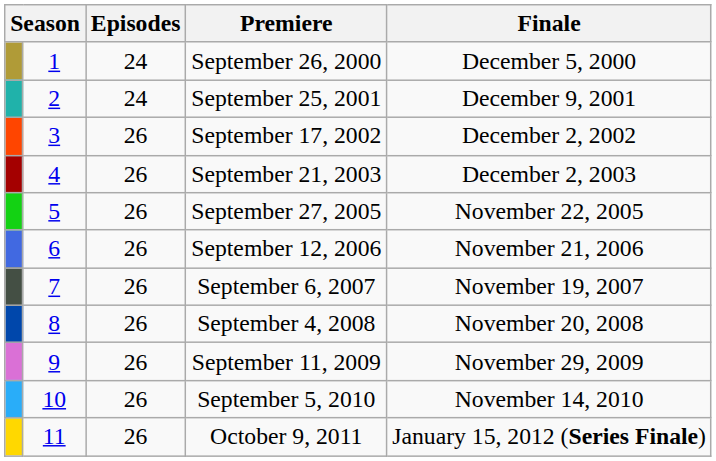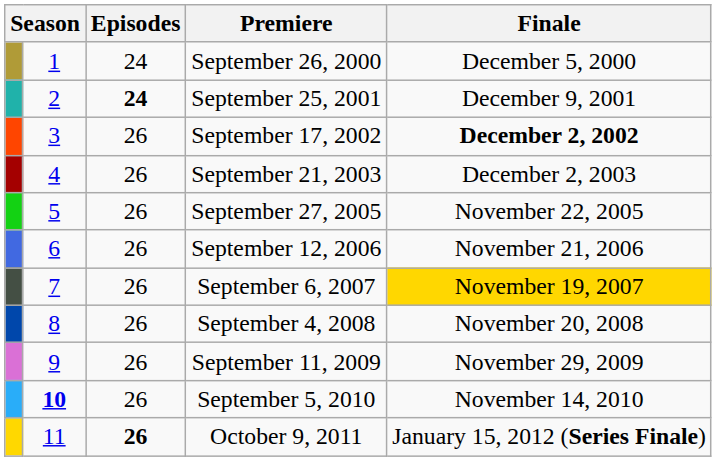 <table class="wikitable">
 <tr>
 <th colspan="2">Season</th>
 <th>Episodes</th>
 <th>Premiere</th>
 <th>Finale</th>
 </tr>
 <tr>
 <td style="width:5px; background:#B09B37;"></td>
 <td align="center"><a href='#'>1</a></td>
 <td align="center">24</td>
 <td align="center">September 26, 2000</td>
 <td align="center">December 5, 2000</td>
 </tr>
 <tr>
 <td style="width:5px; background:#20b2aa;"></td>
 <td align="center"><a href='#'>2</a></td>
-<td align="center">24</td>
+<td align="center"><strong>24</strong></td>
 <td align="center">September 25, 2001</td>
 <td align="center">December 9, 2001</td>
 </tr>
 <tr>
 <td style="color:#FFFFFF; background-color: #FF4500"></td>
 <td align="center"><a href='#'>3</a></td>
 <td align="center">26</td>
 <td align="center">September 17, 2002</td>
-<td align="center">December 2, 2002</td>
+<td align="center"><strong>December 2, 2002</strong></td>
 </tr>
 <tr>
 <td style="background: #A40000;"></td>
 <td align="center"><a href='#'>4</a></td>
 <td align="center">26</td>
 <td align="center">September 21, 2003</td>
 <td align="center">December 2, 2003</td>
 </tr>
 <tr>
 <td style="width:1px; background:#13d213;"></td>
 <td align="center"><a href='#'>5</a></td>
 <td align="center">26</td>
 <td align="center">September 27, 2005</td>
 <td align="center">November 22, 2005</td>
 </tr>
 <tr>
 <td style="background-color: #4169e1"></td>
 <td align="center"><a href='#'>6</a></td>
 <td align="center">26</td>
 <td align="center">September 12, 2006</td>
 <td align="center">November 21, 2006</td>
 </tr>
 <tr>
 <td style="background: #444F44; color:#ffffff;"></td>
 <td align="center"><a href='#'>7</a></td>
 <td align="center">26</td>
 <td align="center">September 6, 2007</td>
-<td align="center">November 19, 2007</td>
+<td align="center" style="background: gold;">November 19, 2007</td>
 </tr>
 <tr>
 <td style="background-color: #0047AB;"></td>
 <td align="center"><a href='#'>8</a></td>
 <td align="center">26</td>
 <td align="center">September 4, 2008</td>
 <td align="center">November 20, 2008</td>
 </tr>
 <tr>
 <td style="color: #000000; background-color: #DA70D6"></td>
 <td align="center"><a href='#'>9</a></td>
 <td align="center">26</td>
 <td align="center">September 11, 2009</td>
 <td align="center">November 29, 2009</td>
 </tr>
 <tr>
 <td style="background:#29adf9;"></td>
-<td align="center"><a href='#'>10</a></td>
+<td align="center"><strong><a href='#'>10</a></strong></td>
 <td align="center">26</td>
 <td align="center">September 5, 2010</td>
 <td align="center">November 14, 2010</td>
 </tr>
 <tr>
 <td style="background-color: #FFD800; color: #100; text-align: center; top"></td>
 <td align="center"><a href='#'>11</a></td>
-<td align="center">26</td>
+<td align="center"><strong>26</strong></td>
 <td align="center">October 9, 2011</td>
 <td align="center">January 15, 2012 (<strong>Series Finale</strong>)</td>
 </tr>
 </table>
